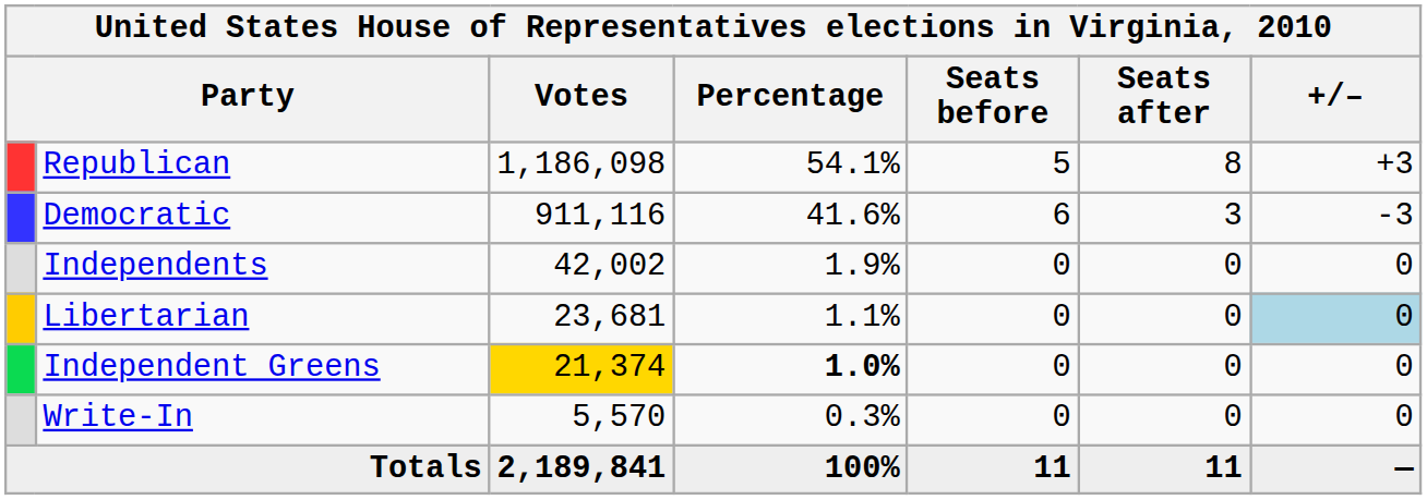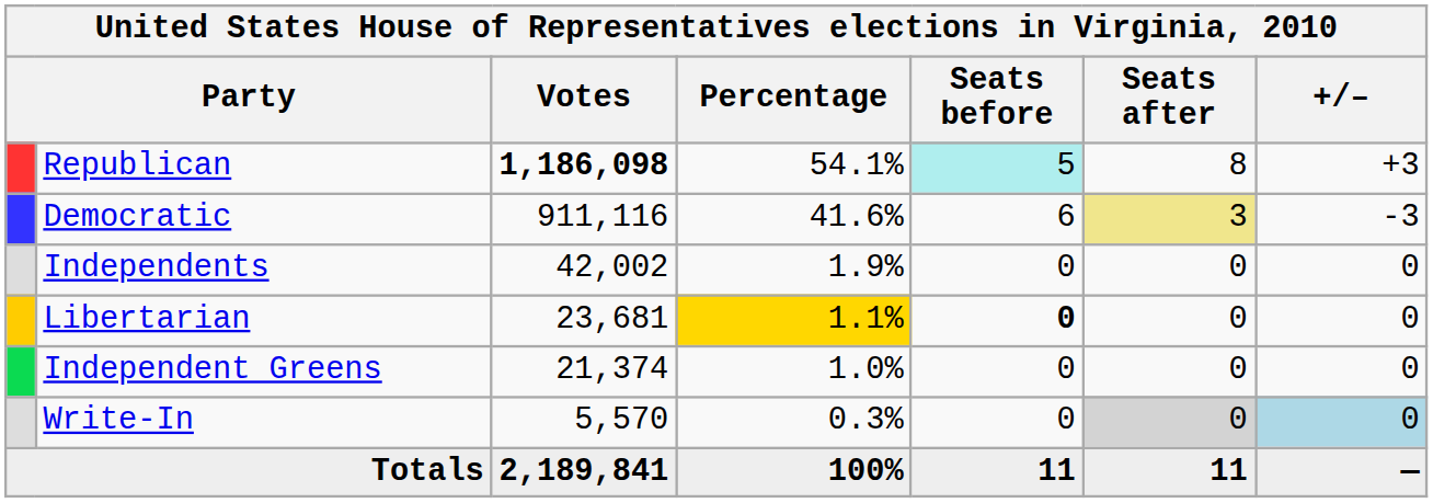 <table class="wikitable" style="font-size:95%;">
 <tr>
 <th colspan="7">United States House of Representatives elections in Virginia, 2010</th>
 </tr>
 <tr>
 <th colspan=2 style="width: 15em">Party</th>
 <th style="width: 5em">Votes</th>
 <th style="width: 7em">Percentage</th>
 <th style="width: 5em">Seats before</th>
 <th style="width: 5em">Seats after</th>
 <th style="width: 5em">+/–</th>
 </tr>
 <tr>
 <th style="background:#f33; width:3px;"></th>
 <td style="width: 130px"><a href='#'>Republican</a></td>
-<td style="text-align:right;">1,186,098</td>
+<td style="text-align:right;"><strong>1,186,098</strong></td>
 <td style="text-align:right;">54.1%</td>
-<td style="text-align:right;">5</td>
+<td style="background: paleturquoise; text-align:right;">5</td>
 <td style="text-align:right;">8</td>
 <td style="text-align:right;">+3</td>
 </tr>
 <tr>
 <th style="background:#33f; width:3px;"></th>
 <td style="width: 130px"><a href='#'>Democratic</a></td>
 <td style="text-align:right;">911,116</td>
 <td style="text-align:right;">41.6%</td>
 <td style="text-align:right;">6</td>
-<td style="text-align:right;">3</td>
+<td style="background: khaki; text-align:right;">3</td>
 <td style="text-align:right;">-3</td>
 </tr>
 <tr>
 <th style="background:#ddd; width:3px;"></th>
 <td style="width: 130px"><a href='#'>Independents</a></td>
 <td style="text-align:right;">42,002</td>
 <td style="text-align:right;">1.9%</td>
 <td style="text-align:right;">0</td>
 <td style="text-align:right;">0</td>
 <td style="text-align:right;">0</td>
 </tr>
 <tr>
 <th style="background:#fc0; width:3px;"></th>
 <td style="width: 130px"><a href='#'>Libertarian</a></td>
 <td style="text-align:right;">23,681</td>
-<td style="text-align:right;">1.1%</td>
+<td style="background: gold; text-align:right;">1.1%</td>
+<td style="text-align:right;"><strong>0</strong></td>
 <td style="text-align:right;">0</td>
 <td style="text-align:right;">0</td>
-<td style="background: lightblue; text-align:right;">0</td>
 </tr>
 <tr>
 <th style="background:#0bda51; width:3px;"></th>
 <td style="width: 130px"><a href='#'>Independent Greens</a></td>
-<td style="background: gold; text-align:right;">21,374</td>
-<td style="text-align:right;"><strong>1.0%</strong></td>
+<td style="text-align:right;">21,374</td>
+<td style="text-align:right;">1.0%</td>
 <td style="text-align:right;">0</td>
 <td style="text-align:right;">0</td>
 <td style="text-align:right;">0</td>
 </tr>
 <tr>
 <th style="background:#ddd; width:3px;"></th>
 <td style="width: 130px"><a href='#'>Write-In</a></td>
 <td style="text-align:right;">5,570</td>
 <td style="text-align:right;">0.3%</td>
 <td style="text-align:right;">0</td>
-<td style="text-align:right;">0</td>
-<td style="text-align:right;">0</td>
+<td style="background: lightgrey; text-align:right;">0</td>
+<td style="background: lightblue; text-align:right;">0</td>
 </tr>
 <tr style="background:#eee; text-align:right;">
 <td colspan="2"><strong>Totals</strong></td>
 <td><strong>2,189,841</strong></td>
 <td><strong>100%</strong></td>
 <td><strong>11</strong></td>
 <td><strong>11</strong></td>
 <td><strong>—</strong></td>
 </tr>
 </table>
